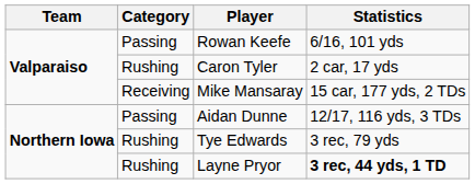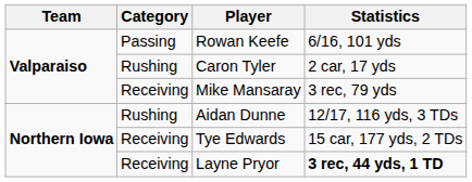 <table class="wikitable" style="float: right;">
 <tr>
 <th>Team</th>
 <th>Category</th>
 <th>Player</th>
 <th>Statistics</th>
 </tr>
 <tr>
 <td rowspan=3><strong>Valparaiso</strong></td>
 <td>Passing</td>
 <td>Rowan Keefe</td>
 <td>6/16, 101 yds</td>
 </tr>
 <tr>
 <td>Rushing</td>
 <td>Caron Tyler</td>
 <td>2 car, 17 yds</td>
 </tr>
 <tr>
 <td>Receiving</td>
 <td>Mike Mansaray</td>
-<td>15 car, 177 yds, 2 TDs</td>
+<td>3 rec, 79 yds</td>
 </tr>
 <tr>
 <td rowspan=3><strong>Northern Iowa</strong></td>
-<td>Passing</td>
+<td>Rushing</td>
 <td>Aidan Dunne</td>
 <td>12/17, 116 yds, 3 TDs</td>
 </tr>
 <tr>
-<td>Rushing</td>
+<td>Receiving</td>
 <td>Tye Edwards</td>
-<td>3 rec, 79 yds</td>
+<td>15 car, 177 yds, 2 TDs</td>
 </tr>
 <tr>
-<td>Rushing</td>
+<td>Receiving</td>
 <td>Layne Pryor</td>
 <td><strong>3 rec, 44 yds, 1 TD</strong></td>
 </tr>
 </table>
